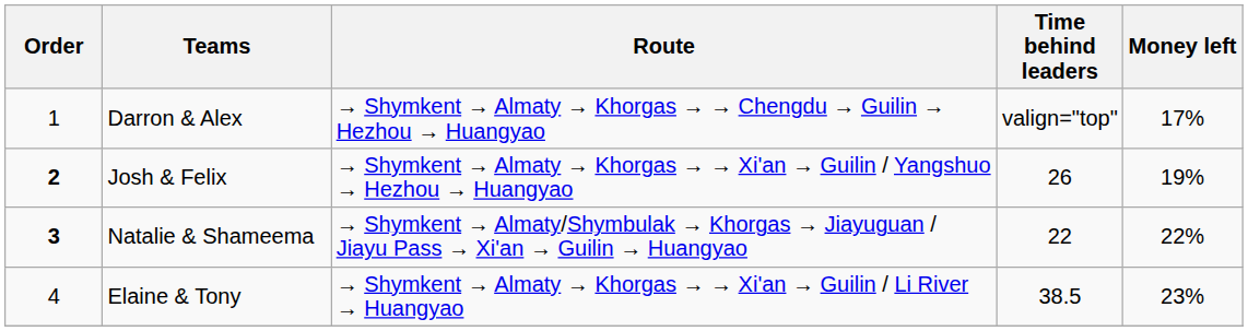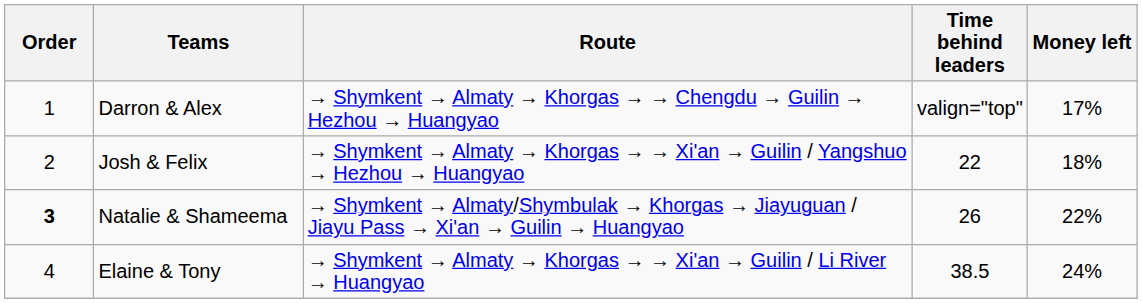 <table class="wikitable sortable" style="text-align:center">
 <tr>
 <th style="width:4em">Order</th>
 <th style="width:10em">Teams</th>
 <th style="width:30em">Route</th>
 <th style="width:5em">Time behind leaders</th>
 <th style="width:5em">Money left</th>
 </tr>
 <tr>
 <td>1</td>
 <td style="text-align:left">Darron & Alex</td>
 <td style="text-align:left"> → <a href='#'>Shymkent</a>  → <a href='#'>Almaty</a>  → <a href='#'>Khorgas</a> →  → <a href='#'>Chengdu</a>   → <a href='#'>Guilin</a>  → <a href='#'>Hezhou</a>  → <a href='#'>Huangyao</a></td>
 <td>valign="top" </td>
 <td>17%</td>
 </tr>
 <tr>
-<td><strong>2</strong></td>
+<td>2</td>
 <td style="text-align:left">Josh & Felix</td>
 <td style="text-align:left"> → <a href='#'>Shymkent</a>  → <a href='#'>Almaty</a>  → <a href='#'>Khorgas</a> →  → <a href='#'>Xi'an</a>  → <a href='#'>Guilin</a> / <a href='#'>Yangshuo</a>   → <a href='#'>Hezhou</a>  → <a href='#'>Huangyao</a></td>
-<td>26</td>
-<td>19%</td>
+<td>22</td>
+<td>18%</td>
 </tr>
 <tr>
 <td><strong>3</strong></td>
 <td style="text-align:left">Natalie & Shameema</td>
 <td style="text-align:left"> → <a href='#'>Shymkent</a>  → <a href='#'>Almaty</a>/<a href='#'>Shymbulak</a>  → <a href='#'>Khorgas</a>  → <a href='#'>Jiayuguan</a> / <a href='#'>Jiayu Pass</a>   → <a href='#'>Xi'an</a>  → <a href='#'>Guilin</a>  → <a href='#'>Huangyao</a></td>
-<td>22</td>
+<td>26</td>
 <td>22%</td>
 </tr>
 <tr>
 <td>4</td>
 <td style="text-align:left">Elaine & Tony</td>
 <td style="text-align:left"> → <a href='#'>Shymkent</a>  → <a href='#'>Almaty</a>  → <a href='#'>Khorgas</a> →  → <a href='#'>Xi'an</a>  → <a href='#'>Guilin</a> / <a href='#'>Li River</a>  → <a href='#'>Huangyao</a></td>
 <td>38.5</td>
-<td>23%</td>
+<td>24%</td>
 </tr>
 <tr>
 </tr>
 </table>
